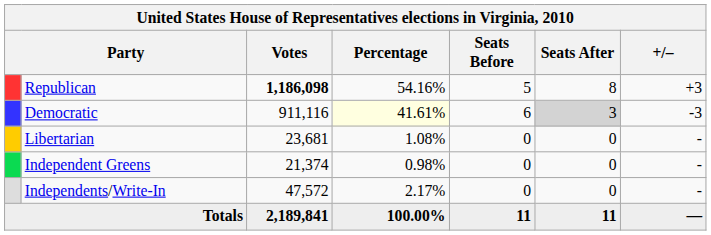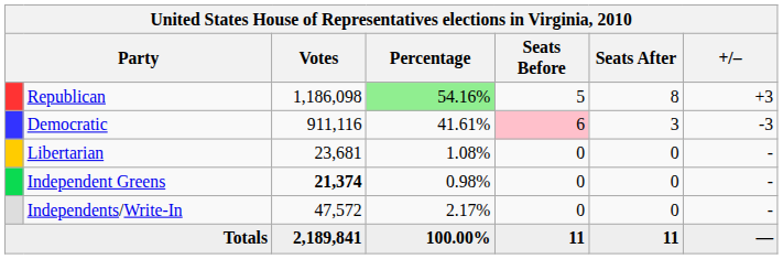 <table class="wikitable" style="font-size: 95%;">
 <tr>
 <th colspan="7">United States House of Representatives elections in Virginia, 2010</th>
 </tr>
 <tr>
 <th colspan=2 style="width: 15em">Party</th>
 <th style="width: 5em">Votes</th>
 <th style="width: 7em">Percentage</th>
 <th style="width: 5em">Seats Before</th>
 <th style="width: 5em">Seats After</th>
 <th style="width: 5em">+/–</th>
 </tr>
 <tr>
 <th style="background-color:#FF3333; width: 3px"></th>
 <td style="width: 130px"><a href='#'>Republican</a></td>
-<td align="right"><strong>1,186,098</strong></td>
-<td align="right">54.16%</td>
+<td align="right">1,186,098</td>
+<td align="right" style="background: lightgreen;">54.16%</td>
 <td align="right">5</td>
 <td align="right">8</td>
 <td align="right">+3</td>
 </tr>
 <tr>
 <th style="background-color:#3333FF; width: 3px"></th>
 <td style="width: 130px"><a href='#'>Democratic</a></td>
 <td align="right">911,116</td>
-<td align="right" style="background: lightyellow;">41.61%</td>
-<td align="right">6</td>
-<td align="right" style="background: lightgrey;">3</td>
+<td align="right">41.61%</td>
+<td align="right" style="background: pink;">6</td>
+<td align="right">3</td>
 <td align="right">-3</td>
 </tr>
 <tr>
 <th style="background-color:#FFCC00; width: 3px"></th>
 <td style="width: 130px"><a href='#'>Libertarian</a></td>
 <td align="right">23,681</td>
 <td align="right">1.08%</td>
 <td align="right">0</td>
 <td align="right">0</td>
 <td align="right">-</td>
 </tr>
 <tr>
 <th style="background-color:#0BDA51; width: 3px"></th>
 <td style="width: 130px"><a href='#'>Independent Greens</a></td>
-<td align="right">21,374</td>
+<td align="right"><strong>21,374</strong></td>
 <td align="right">0.98%</td>
 <td align="right">0</td>
 <td align="right">0</td>
 <td align="right">-</td>
 </tr>
 <tr>
 <th style="background-color:#DDDDDD; width: 3px"></th>
 <td style="width: 130px"><a href='#'>Independents</a>/<a href='#'>Write-In</a></td>
 <td align="right">47,572</td>
 <td align="right">2.17%</td>
 <td align="right">0</td>
 <td align="right">0</td>
 <td align="right">-</td>
 </tr>
 <tr bgcolor="#EEEEEE">
 <td colspan="2" align="right"><strong>Totals</strong></td>
 <td align="right"><strong>2,189,841</strong></td>
 <td align="right"><strong>100.00%</strong></td>
 <td align="right"><strong>11</strong></td>
 <td align="right"><strong>11</strong></td>
 <td align="right"><strong>—</strong></td>
 </tr>
 </table>
